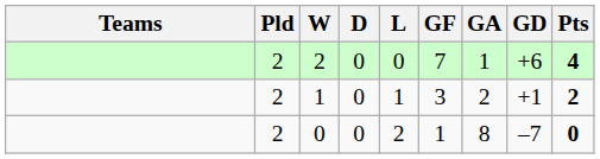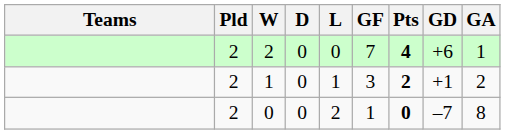 <table class="wikitable" style="text-align: center;">
 <tr>
 <th width=165>Teams</th>
 <th width=20>Pld</th>
 <th width=20>W</th>
 <th width=20>D</th>
 <th width=20>L</th>
 <th width=20>GF</th>
+<th width=20>Pts</th>
+<th width=20>GD</th>
 <th width=20>GA</th>
-<th width=20>GD</th>
-<th width=20>Pts</th>
 </tr>
 <tr align=center style="background:#ccffcc;">
 <td style="text-align:left;"></td>
 <td>2</td>
 <td>2</td>
 <td>0</td>
 <td>0</td>
 <td>7</td>
+<td><strong>4</strong></td>
+<td>+6</td>
 <td>1</td>
-<td>+6</td>
-<td><strong>4</strong></td>
 </tr>
 <tr align=center>
 <td style="text-align:left;"></td>
 <td>2</td>
 <td>1</td>
 <td>0</td>
 <td>1</td>
 <td>3</td>
+<td><strong>2</strong></td>
+<td>+1</td>
 <td>2</td>
-<td>+1</td>
-<td><strong>2</strong></td>
 </tr>
 <tr align=center>
 <td style="text-align:left;"></td>
 <td>2</td>
 <td>0</td>
 <td>0</td>
 <td>2</td>
 <td>1</td>
+<td><strong>0</strong></td>
+<td>–7</td>
 <td>8</td>
-<td>–7</td>
-<td><strong>0</strong></td>
 </tr>
 </table>
